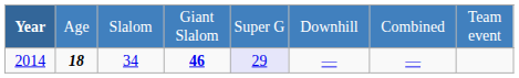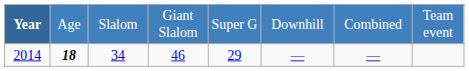 <table class="wikitable" style="font-size:95%; text-align:center; border:grey solid 1px; border-collapse:collapse;" width="40%">
 <tr style="background-color:#369; color:white;">
 <td rowspan="2" colspan="1" width="4%"><strong>Year</strong></td>
 </tr>
 <tr style="background-color:#4180be; color:white;">
 <td width="3%">Age</td>
 <td width="5%">Slalom</td>
 <td width="5%">Giant<br>Slalom</td>
 <td width="5%">Super G</td>
 <td width="5%">Downhill</td>
 <td width="5%">Combined</td>
 <td width="5%">Team event</td>
 </tr>
 <tr style="background-color:#8CB2D8; color:white;">
 </tr>
 <tr>
 <td><a href='#'>2014</a></td>
 <td><strong><em>18</em></strong></td>
 <td><a href='#'>34</a></td>
-<td><strong><a href='#'>46</a></strong></td>
-<td style="background: lavender;"><a href='#'>29</a></td>
+<td><a href='#'>46</a></td>
+<td><a href='#'>29</a></td>
 <td><a href='#'>—</a></td>
 <td><a href='#'>—</a></td>
 <td></td>
 </tr>
 </table>
